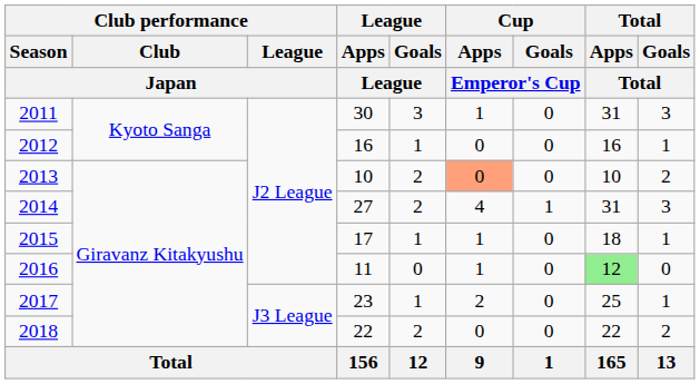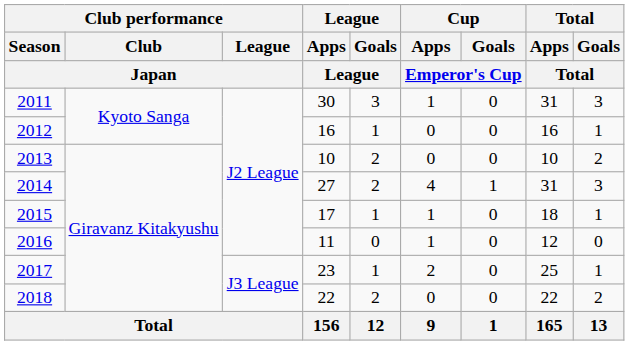 <table class="wikitable" style="text-align:center;">
 <tr>
 <th colspan=3>Club performance</th>
 <th colspan=2>League</th>
 <th colspan=2>Cup</th>
 <th colspan=2>Total</th>
 </tr>
 <tr>
 <th>Season</th>
 <th>Club</th>
 <th>League</th>
 <th>Apps</th>
 <th>Goals</th>
 <th>Apps</th>
 <th>Goals</th>
 <th>Apps</th>
 <th>Goals</th>
 </tr>
 <tr>
 <th colspan=3>Japan</th>
 <th colspan=2>League</th>
 <th colspan=2><a href='#'>Emperor's Cup</a></th>
 <th colspan=2>Total</th>
 </tr>
 <tr>
 <td><a href='#'>2011</a></td>
 <td rowspan="2"><a href='#'>Kyoto Sanga</a></td>
 <td rowspan="6"><a href='#'>J2 League</a></td>
 <td>30</td>
 <td>3</td>
 <td>1</td>
 <td>0</td>
 <td>31</td>
 <td>3</td>
 </tr>
 <tr>
 <td><a href='#'>2012</a></td>
 <td>16</td>
 <td>1</td>
 <td>0</td>
 <td>0</td>
 <td>16</td>
 <td>1</td>
 </tr>
 <tr>
 <td><a href='#'>2013</a></td>
 <td rowspan="6"><a href='#'>Giravanz Kitakyushu</a></td>
 <td>10</td>
 <td>2</td>
-<td style="background: lightsalmon;">0</td>
+<td>0</td>
 <td>0</td>
 <td>10</td>
 <td>2</td>
 </tr>
 <tr>
 <td><a href='#'>2014</a></td>
 <td>27</td>
 <td>2</td>
 <td>4</td>
 <td>1</td>
 <td>31</td>
 <td>3</td>
 </tr>
 <tr>
 <td><a href='#'>2015</a></td>
 <td>17</td>
 <td>1</td>
 <td>1</td>
 <td>0</td>
 <td>18</td>
 <td>1</td>
 </tr>
 <tr>
 <td><a href='#'>2016</a></td>
 <td>11</td>
 <td>0</td>
 <td>1</td>
 <td>0</td>
-<td style="background: lightgreen;">12</td>
+<td>12</td>
 <td>0</td>
 </tr>
 <tr>
 <td><a href='#'>2017</a></td>
 <td rowspan="2"><a href='#'>J3 League</a></td>
 <td>23</td>
 <td>1</td>
 <td>2</td>
 <td>0</td>
 <td>25</td>
 <td>1</td>
 </tr>
 <tr>
 <td><a href='#'>2018</a></td>
 <td>22</td>
 <td>2</td>
 <td>0</td>
 <td>0</td>
 <td>22</td>
 <td>2</td>
 </tr>
 <tr>
 <th colspan=3>Total</th>
 <th>156</th>
 <th>12</th>
 <th>9</th>
 <th>1</th>
 <th>165</th>
 <th>13</th>
 </tr>
 </table>
